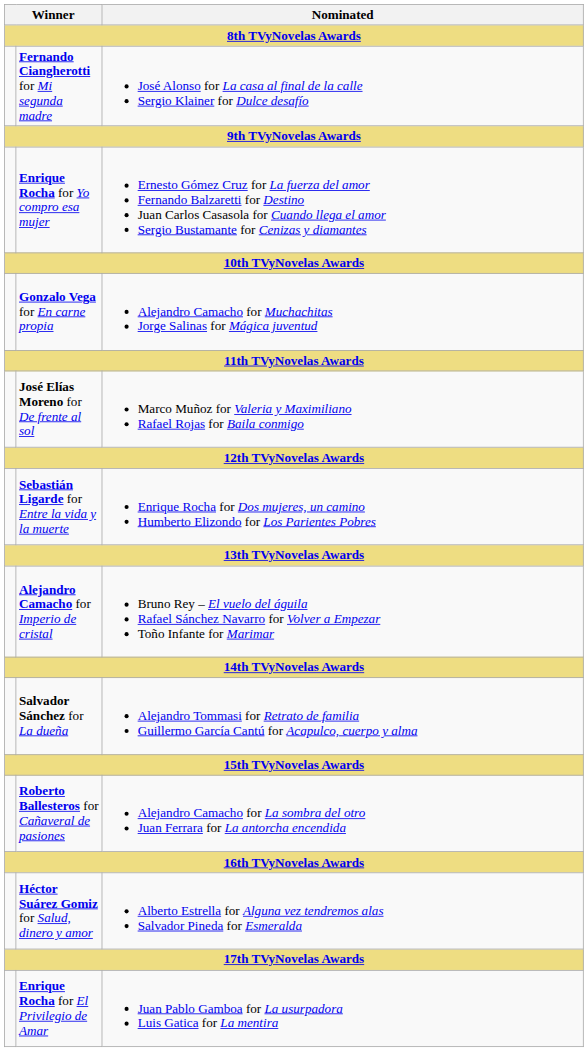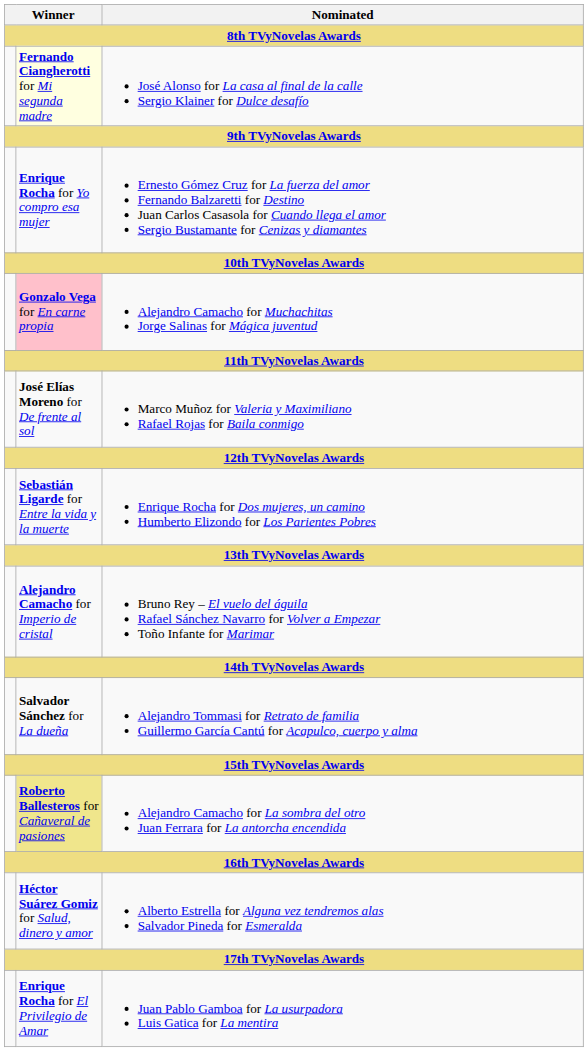 <table class="wikitable" width=80%>
 <tr align=center>
 <th width="150px;" colspan=2; align="center">Winner</th>
 <th width="580px;" align="center">Nominated</th>
 </tr>
 <tr>
 <th colspan=9 style="background:#EEDD82;"  align="center"><strong><a href='#'>8th TVyNovelas Awards</a></strong></th>
 </tr>
 <tr>
 <td width=2%></td>
-<td><strong><a href='#'>Fernando Ciangherotti</a></strong> for <em><a href='#'>Mi segunda madre</a></em></td>
+<td style="background: lightyellow;"><strong><a href='#'>Fernando Ciangherotti</a></strong> for <em><a href='#'>Mi segunda madre</a></em></td>
 <td><br><ul><li><a href='#'>José Alonso</a> for <em><a href='#'>La casa al final de la calle</a></em></li><li><a href='#'>Sergio Klainer</a> for <em><a href='#'>Dulce desafío</a></em></li></ul></td>
 </tr>
 <tr>
 <th colspan=9 style="background:#EEDD82;"  align="center"><strong><a href='#'>9th TVyNovelas Awards</a></strong></th>
 </tr>
 <tr>
 <td width=2%></td>
 <td><strong><a href='#'>Enrique Rocha</a></strong> for <em><a href='#'>Yo compro esa mujer</a></em></td>
 <td><br><ul><li><a href='#'>Ernesto Gómez Cruz</a> for <em><a href='#'>La fuerza del amor</a></em></li><li><a href='#'>Fernando Balzaretti</a> for <em><a href='#'>Destino</a></em></li><li>Juan Carlos Casasola for <em><a href='#'>Cuando llega el amor</a></em></li><li><a href='#'>Sergio Bustamante</a> for <em><a href='#'>Cenizas y diamantes</a></em></li></ul></td>
 </tr>
 <tr>
 <th colspan=9 style="background:#EEDD82;"  align="center"><strong><a href='#'>10th TVyNovelas Awards</a></strong></th>
 </tr>
 <tr>
 <td width=2%></td>
-<td><strong><a href='#'>Gonzalo Vega</a></strong> for <em><a href='#'>En carne propia</a></em></td>
+<td style="background: pink;"><strong><a href='#'>Gonzalo Vega</a></strong> for <em><a href='#'>En carne propia</a></em></td>
 <td><br><ul><li><a href='#'>Alejandro Camacho</a> for <em><a href='#'>Muchachitas</a></em></li><li><a href='#'>Jorge Salinas</a> for <em><a href='#'>Mágica juventud</a></em></li></ul></td>
 </tr>
 <tr>
 <th colspan=9 style="background:#EEDD82;"  align="center"><strong><a href='#'>11th TVyNovelas Awards</a></strong></th>
 </tr>
 <tr>
 <td width=2%></td>
 <td><strong>José Elías Moreno</strong> for <em><a href='#'>De frente al sol</a></em></td>
 <td><br><ul><li>Marco Muñoz for <em><a href='#'>Valeria y Maximiliano</a></em></li><li><a href='#'>Rafael Rojas</a> for <em><a href='#'>Baila conmigo</a></em></li></ul></td>
 </tr>
 <tr>
 <th colspan=9 style="background:#EEDD82;"  align="center"><strong><a href='#'>12th TVyNovelas Awards</a></strong></th>
 </tr>
 <tr>
 <td width=2%></td>
 <td><strong><a href='#'>Sebastián Ligarde</a></strong> for <em><a href='#'>Entre la vida y la muerte</a></em></td>
 <td><br><ul><li><a href='#'>Enrique Rocha</a> for <em><a href='#'>Dos mujeres, un camino</a></em></li><li><a href='#'>Humberto Elizondo</a> for <em><a href='#'>Los Parientes Pobres</a></em></li></ul></td>
 </tr>
 <tr>
 <th colspan=9 style="background:#EEDD82;"  align="center"><strong><a href='#'>13th TVyNovelas Awards</a></strong></th>
 </tr>
 <tr>
 <td width=2%></td>
 <td><strong><a href='#'>Alejandro Camacho</a></strong> for <em><a href='#'>Imperio de cristal</a></em></td>
 <td><br><ul><li>Bruno Rey – <em><a href='#'>El vuelo del águila</a></em></li><li><a href='#'>Rafael Sánchez Navarro</a> for <em><a href='#'>Volver a Empezar</a></em></li><li>Toño Infante for <em><a href='#'>Marimar</a></em></li></ul></td>
 </tr>
 <tr>
 <th colspan=9 style="background:#EEDD82;"  align="center"><strong><a href='#'>14th TVyNovelas Awards</a></strong></th>
 </tr>
 <tr>
 <td width=2%></td>
 <td><strong>Salvador Sánchez</strong> for <em><a href='#'>La dueña</a></em></td>
 <td><br><ul><li><a href='#'>Alejandro Tommasi</a> for <em><a href='#'>Retrato de familia</a></em></li><li><a href='#'>Guillermo García Cantú</a> for <em><a href='#'>Acapulco, cuerpo y alma</a></em></li></ul></td>
 </tr>
 <tr>
 <th colspan=9 style="background:#EEDD82;"  align="center"><strong><a href='#'>15th TVyNovelas Awards</a></strong></th>
 </tr>
 <tr>
 <td width=2%></td>
-<td><strong><a href='#'>Roberto Ballesteros</a></strong> for <em><a href='#'>Cañaveral de pasiones</a></em></td>
+<td style="background: khaki;"><strong><a href='#'>Roberto Ballesteros</a></strong> for <em><a href='#'>Cañaveral de pasiones</a></em></td>
 <td><br><ul><li><a href='#'>Alejandro Camacho</a> for <em><a href='#'>La sombra del otro</a></em></li><li><a href='#'>Juan Ferrara</a> for <em><a href='#'>La antorcha encendida</a></em></li></ul></td>
 </tr>
 <tr>
 <th colspan=9 style="background:#EEDD82;"  align="center"><strong><a href='#'>16th TVyNovelas Awards</a></strong></th>
 </tr>
 <tr>
 <td width=2%></td>
 <td><strong><a href='#'>Héctor Suárez Gomiz</a></strong> for <em><a href='#'>Salud, dinero y amor</a></em></td>
 <td><br><ul><li><a href='#'>Alberto Estrella</a> for <em><a href='#'>Alguna vez tendremos alas</a></em></li><li><a href='#'>Salvador Pineda</a> for <em><a href='#'>Esmeralda</a></em></li></ul></td>
 </tr>
 <tr>
 <th colspan=9 style="background:#EEDD82;"  align="center"><strong><a href='#'>17th TVyNovelas Awards</a></strong></th>
 </tr>
 <tr>
 <td width=2%></td>
 <td><strong><a href='#'>Enrique Rocha</a></strong> for <em><a href='#'>El Privilegio de Amar</a></em></td>
 <td><br><ul><li><a href='#'>Juan Pablo Gamboa</a> for <em><a href='#'>La usurpadora</a></em></li><li><a href='#'>Luis Gatica</a> for <em><a href='#'>La mentira</a></em></li></ul></td>
 </tr>
 </table>
